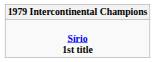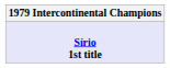 <table class=wikitable style="text-align:center; margin:auto">
 <tr>
 <th>1979 Intercontinental Champions</th>
 </tr>
 <tr>
-<td><br> <strong><a href='#'>Sírio</a></strong> <br> <strong>1st title</strong></td>
+<td style="background: lavender;"><br> <strong><a href='#'>Sírio</a></strong> <br> <strong>1st title</strong></td>
 </tr>
 </table>
